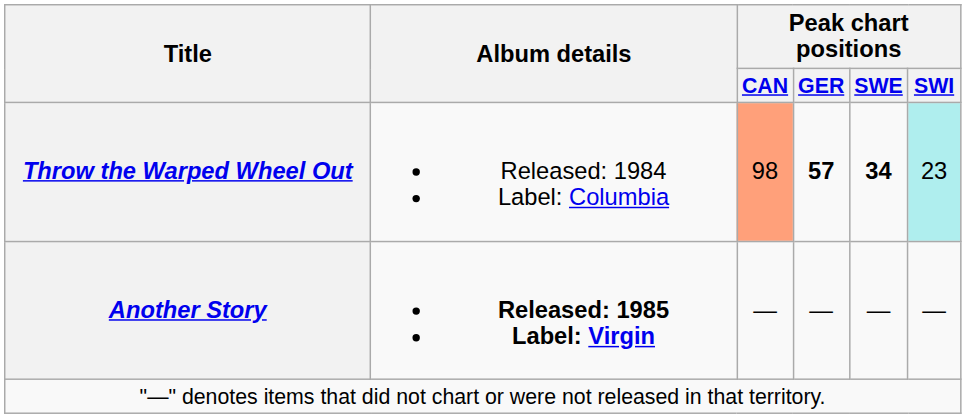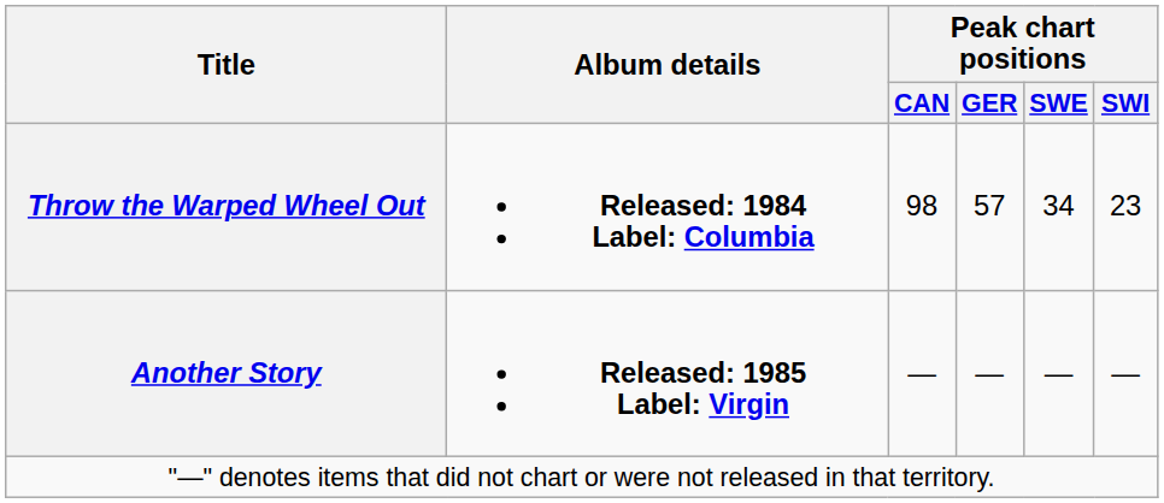 <table class="wikitable plainrowheaders" style="text-align:center;">
 <tr>
 <th scope="col" rowspan="2" style="width:15em;">Title</th>
 <th scope="col" rowspan="2" style="width:15em;">Album details</th>
 <th scope="col" colspan="4">Peak chart positions</th>
 </tr>
 <tr>
 <th style="width:2em;font-size:90%;"><a href='#'>CAN</a><br></th>
 <th style="width:2em;font-size:90%;"><a href='#'>GER</a><br></th>
 <th style="width:2em;font-size:90%;"><a href='#'>SWE</a><br></th>
 <th style="width:2em;font-size:90%;"><a href='#'>SWI</a><br></th>
 </tr>
 <tr>
 <th scope="row"><em><a href='#'>Throw the Warped Wheel Out</a></em></th>
-<td><br><ul><li>Released: 1984</li><li>Label: <a href='#'>Columbia</a></li></ul></td>
-<td style="background: lightsalmon;">98</td>
-<td><strong>57</strong></td>
-<td><strong>34</strong></td>
-<td style="background: paleturquoise;">23</td>
+<td><strong><br><ul><li>Released: 1984</li><li>Label: <a href='#'>Columbia</a></li></ul></strong></td>
+<td>98</td>
+<td>57</td>
+<td>34</td>
+<td>23</td>
 </tr>
 <tr>
 <th scope="row"><em><a href='#'>Another Story</a></em></th>
 <td><strong><br><ul><li>Released: 1985</li><li>Label: <a href='#'>Virgin</a></li></ul></strong></td>
 <td>—</td>
 <td>—</td>
 <td>—</td>
 <td>—</td>
 </tr>
 <tr>
 <td colspan="15" style="text-align:center; font-size:90%;">"—" denotes items that did not chart or were not released in that territory.</td>
 </tr>
 </table>
